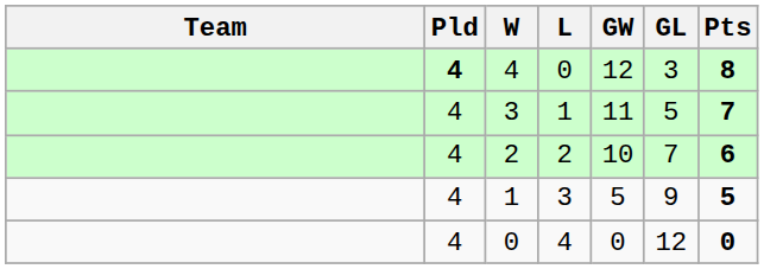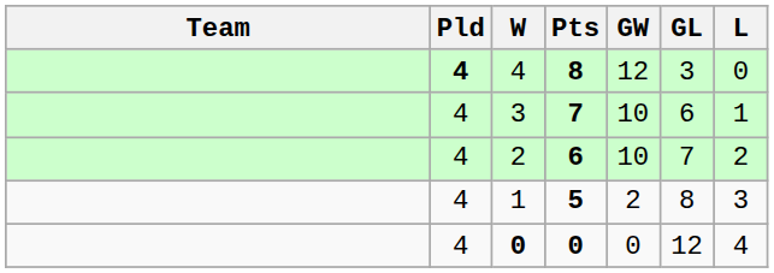 <table class="wikitable" style="text-align:center">
 <tr>
 <th width=200>Team</th>
 <th width=20>Pld</th>
 <th width=20>W</th>
-<th width=20>L</th>
+<th width=20>Pts</th>
 <th width=20>GW</th>
 <th width=20>GL</th>
-<th width=20>Pts</th>
+<th width=20>L</th>
 </tr>
 <tr bgcolor=ccffcc>
 <td style="text-align:left;"></td>
 <td><strong>4</strong></td>
 <td>4</td>
-<td>0</td>
+<td><strong>8</strong></td>
 <td>12</td>
 <td>3</td>
-<td><strong>8</strong></td>
+<td>0</td>
 </tr>
 <tr bgcolor=ccffcc>
 <td style="text-align:left;"></td>
 <td>4</td>
 <td>3</td>
+<td><strong>7</strong></td>
+<td>10</td>
+<td>6</td>
 <td>1</td>
-<td>11</td>
-<td>5</td>
-<td><strong>7</strong></td>
 </tr>
 <tr bgcolor=ccffcc>
 <td style="text-align:left;"></td>
 <td>4</td>
 <td>2</td>
-<td>2</td>
+<td><strong>6</strong></td>
 <td>10</td>
 <td>7</td>
-<td><strong>6</strong></td>
+<td>2</td>
 </tr>
 <tr>
 <td style="text-align:left;"></td>
 <td>4</td>
 <td>1</td>
+<td><strong>5</strong></td>
+<td>2</td>
+<td>8</td>
 <td>3</td>
-<td>5</td>
-<td>9</td>
-<td><strong>5</strong></td>
 </tr>
 <tr>
 <td style="text-align:left;"></td>
 <td>4</td>
-<td>0</td>
-<td>4</td>
+<td><strong>0</strong></td>
+<td><strong>0</strong></td>
 <td>0</td>
 <td>12</td>
-<td><strong>0</strong></td>
+<td>4</td>
 </tr>
 </table>
